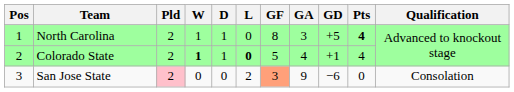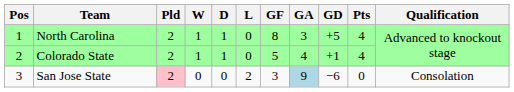 <table class="wikitable" style="text-align:center; margin: 1em auto">
 <tr>
 <th style=width:2em>Pos</th>
 <th style=width:13em>Team</th>
 <th style=width:2em>Pld</th>
 <th style=width:2em>W</th>
 <th style=width:2em>D</th>
 <th style=width:2em>L</th>
 <th style=width:2em>GF</th>
 <th style=width:2em>GA</th>
 <th style=width:2em>GD</th>
 <th style=width:2em>Pts</th>
 <th style=width:13em>Qualification</th>
 </tr>
 <tr bgcolor="#9eff9e">
 <td>1</td>
 <td style="text-align:left">North Carolina</td>
 <td>2</td>
 <td>1</td>
 <td>1</td>
 <td>0</td>
 <td>8</td>
 <td>3</td>
 <td>+5</td>
-<td><strong>4</strong></td>
+<td>4</td>
 <td rowspan="2">Advanced to knockout stage</td>
 </tr>
 <tr bgcolor="#9eff9e">
 <td>2</td>
 <td style="text-align:left">Colorado State</td>
 <td>2</td>
-<td><strong>1</strong></td>
 <td>1</td>
-<td><strong>0</strong></td>
+<td>1</td>
+<td>0</td>
 <td>5</td>
 <td>4</td>
 <td>+1</td>
 <td>4</td>
 </tr>
 <tr>
 <td>3</td>
 <td style="text-align:left">San Jose State</td>
 <td style="background: pink;">2</td>
 <td>0</td>
 <td>0</td>
 <td>2</td>
-<td style="background: lightsalmon;">3</td>
-<td>9</td>
+<td>3</td>
+<td style="background: lightblue;">9</td>
 <td>−6</td>
 <td>0</td>
 <td>Consolation</td>
 </tr>
 </table>
